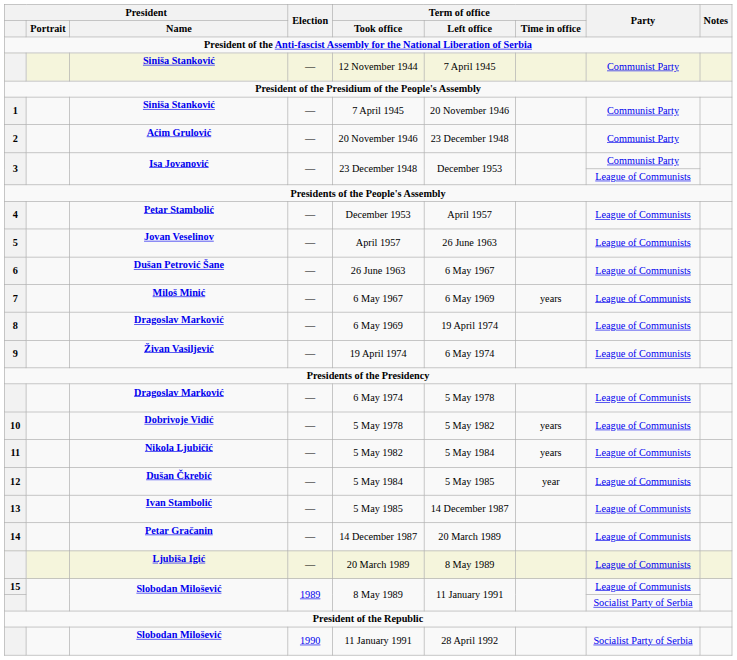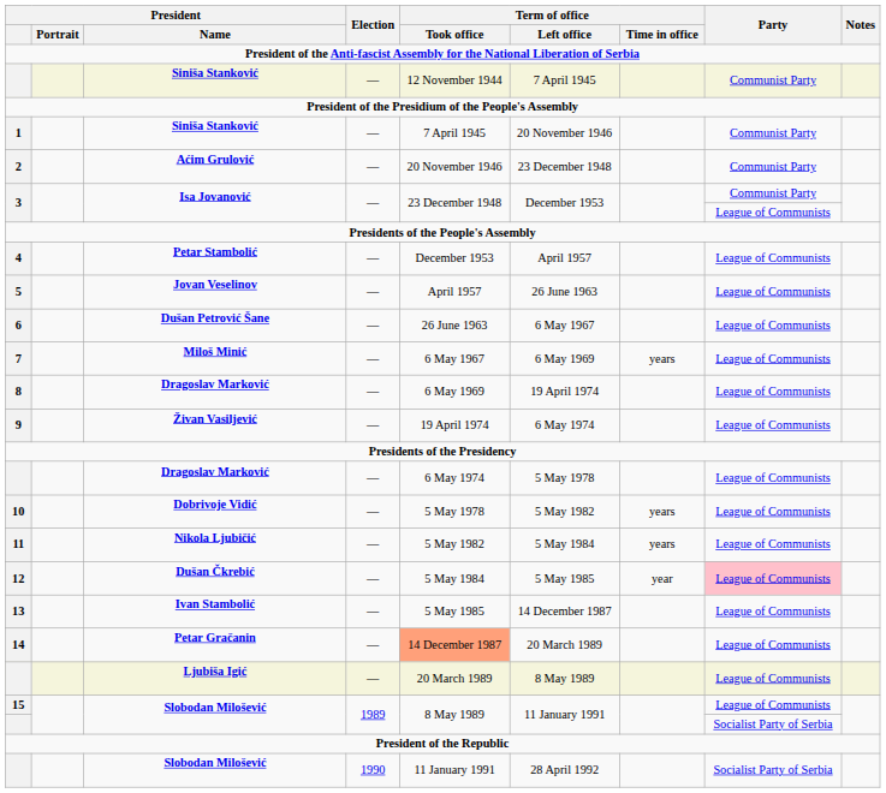 <table class="wikitable" style="text-align:center; width:90%">
 <tr>
 <th colspan=3>President</th>
 <th rowspan=2>Election</th>
 <th colspan=3>Term of office</th>
 <th rowspan=2>Party</th>
 <th rowspan=2>Notes</th>
 </tr>
 <tr>
 <th width=3%></th>
 <th>Portrait</th>
 <th width=30%>Name<br></th>
 <th>Took office</th>
 <th>Left office</th>
 <th>Time in office</th>
 </tr>
 <tr>
 <td colspan="9"><strong>President of the <a href='#'>Anti-fascist Assembly for the National Liberation of Serbia</a></strong><br></td>
 </tr>
 <tr style="background:#F5F5DC;">
 <th style="background:"></th>
 <td></td>
 <td><strong><a href='#'>Siniša Stanković</a></strong><br><br></td>
 <td>—</td>
 <td>12 November 1944</td>
 <td>7 April 1945</td>
 <td></td>
 <td><a href='#'>Communist Party</a></td>
 <td></td>
 </tr>
 <tr>
 <td colspan="9"><strong>President of the Presidium of the People's Assembly</strong><br></td>
 </tr>
 <tr>
 <th style="background:">1</th>
 <td></td>
 <td><strong><a href='#'>Siniša Stanković</a></strong><br><br></td>
 <td>—</td>
 <td>7 April 1945</td>
 <td>20 November 1946</td>
 <td></td>
 <td><a href='#'>Communist Party</a></td>
 <td></td>
 </tr>
 <tr>
 <th style="background:">2</th>
 <td></td>
 <td><strong><a href='#'>Aćim Grulović</a></strong><br><br></td>
 <td>—</td>
 <td>20 November 1946</td>
 <td>23 December 1948</td>
 <td></td>
 <td><a href='#'>Communist Party</a></td>
 <td></td>
 </tr>
 <tr>
 <th rowspan="2" style="background:">3</th>
 <td rowspan="2"></td>
 <td rowspan="2"><strong><a href='#'>Isa Jovanović</a></strong><br><br></td>
 <td rowspan="2">—</td>
 <td rowspan="2">23 December 1948</td>
 <td rowspan="2">December 1953</td>
 <td rowspan="2"></td>
 <td><a href='#'>Communist Party</a><br></td>
 <td rowspan="2"></td>
 </tr>
 <tr>
 <td><a href='#'>League of Communists</a><br></td>
 </tr>
 <tr>
 <td colspan="9"><strong>Presidents of the People's Assembly</strong><br></td>
 </tr>
 <tr>
 <th style="background:">4</th>
 <td></td>
 <td><strong><a href='#'>Petar Stambolić</a></strong><br><br></td>
 <td>—</td>
 <td>December 1953</td>
 <td>April 1957</td>
 <td></td>
 <td><a href='#'>League of Communists</a></td>
 <td></td>
 </tr>
 <tr>
 <th style="background:">5</th>
 <td></td>
 <td><strong><a href='#'>Jovan Veselinov</a></strong><br><br></td>
 <td>—</td>
 <td>April 1957</td>
 <td>26 June 1963</td>
 <td></td>
 <td><a href='#'>League of Communists</a></td>
 <td></td>
 </tr>
 <tr>
 <th style="background:">6</th>
 <td></td>
 <td><strong><a href='#'>Dušan Petrović Šane</a></strong><br><br></td>
 <td>—</td>
 <td>26 June 1963</td>
 <td>6 May 1967</td>
 <td></td>
 <td><a href='#'>League of Communists</a></td>
 <td></td>
 </tr>
 <tr>
 <th style="background:">7</th>
 <td></td>
 <td><strong><a href='#'>Miloš Minić</a></strong><br><br></td>
 <td>—</td>
 <td>6 May 1967</td>
 <td>6 May 1969</td>
 <td> years</td>
 <td><a href='#'>League of Communists</a></td>
 <td></td>
 </tr>
 <tr>
 <th style="background:">8</th>
 <td></td>
 <td><strong><a href='#'>Dragoslav Marković</a></strong><br><br></td>
 <td>—</td>
 <td>6 May 1969</td>
 <td>19 April 1974</td>
 <td></td>
 <td><a href='#'>League of Communists</a></td>
 <td></td>
 </tr>
 <tr>
 <th style="background:">9</th>
 <td></td>
 <td><strong><a href='#'>Živan Vasiljević</a></strong><br><br></td>
 <td>—</td>
 <td>19 April 1974</td>
 <td>6 May 1974</td>
 <td></td>
 <td><a href='#'>League of Communists</a></td>
 <td></td>
 </tr>
 <tr>
 <td colspan="9"><strong>Presidents of the Presidency</strong><br></td>
 </tr>
 <tr>
 <th style="background:"></th>
 <td></td>
 <td><strong><a href='#'>Dragoslav Marković</a></strong><br><br></td>
 <td>—</td>
 <td>6 May 1974</td>
 <td>5 May 1978</td>
 <td></td>
 <td><a href='#'>League of Communists</a></td>
 <td></td>
 </tr>
 <tr>
 <th style="background:">10</th>
 <td></td>
 <td><strong><a href='#'>Dobrivoje Vidić</a></strong><br><br></td>
 <td>—</td>
 <td>5 May 1978</td>
 <td>5 May 1982</td>
 <td> years</td>
 <td><a href='#'>League of Communists</a></td>
 <td></td>
 </tr>
 <tr>
 <th style="background:">11</th>
 <td></td>
 <td><strong><a href='#'>Nikola Ljubičić</a></strong><br><br></td>
 <td>—</td>
 <td>5 May 1982</td>
 <td>5 May 1984</td>
 <td> years</td>
 <td><a href='#'>League of Communists</a></td>
 <td></td>
 </tr>
 <tr>
 <th style="background:">12</th>
 <td></td>
 <td><strong><a href='#'>Dušan Čkrebić</a></strong><br><br></td>
 <td>—</td>
 <td>5 May 1984</td>
 <td>5 May 1985</td>
 <td> year</td>
-<td><a href='#'>League of Communists</a></td>
+<td style="background: pink;"><a href='#'>League of Communists</a></td>
 <td></td>
 </tr>
 <tr>
 <th style="background:">13</th>
 <td></td>
 <td><strong><a href='#'>Ivan Stambolić</a></strong><br><br></td>
 <td>—</td>
 <td>5 May 1985</td>
 <td>14 December 1987</td>
 <td></td>
 <td><a href='#'>League of Communists</a></td>
 <td></td>
 </tr>
 <tr>
 <th style="background:">14</th>
 <td></td>
 <td><strong><a href='#'>Petar Gračanin</a></strong><br><br></td>
 <td>—</td>
-<td>14 December 1987</td>
+<td style="background: lightsalmon;">14 December 1987</td>
 <td>20 March 1989</td>
 <td></td>
 <td><a href='#'>League of Communists</a></td>
 <td></td>
 </tr>
 <tr style="background:#F5F5DC;">
 <th style="background:"></th>
 <td></td>
 <td><strong><a href='#'>Ljubiša Igić</a></strong><br><br></td>
 <td>—</td>
 <td>20 March 1989</td>
 <td>8 May 1989</td>
 <td></td>
 <td><a href='#'>League of Communists</a></td>
 <td></td>
 </tr>
 <tr>
 <th style="background:">15</th>
 <td rowspan="2"></td>
 <td rowspan="2"><strong><a href='#'>Slobodan Milošević</a></strong><br><br></td>
 <td rowspan="2"><a href='#'>1989</a></td>
 <td rowspan="2">8 May 1989</td>
 <td rowspan="2">11 January 1991</td>
 <td rowspan="2"></td>
 <td><a href='#'>League of Communists</a><br></td>
 <td rowspan="2"></td>
 </tr>
 <tr>
 <th style="background:"></th>
 <td><a href='#'>Socialist Party of Serbia</a><br></td>
 </tr>
 <tr>
 <td colspan="9"><strong>President of the Republic</strong><br></td>
 </tr>
 <tr>
 <th style="background:"></th>
 <td></td>
 <td><strong><a href='#'>Slobodan Milošević</a></strong><br><br></td>
 <td><a href='#'>1990</a></td>
 <td>11 January 1991</td>
 <td>28 April 1992</td>
 <td></td>
 <td><a href='#'>Socialist Party of Serbia</a></td>
 <td></td>
 </tr>
 </table>
